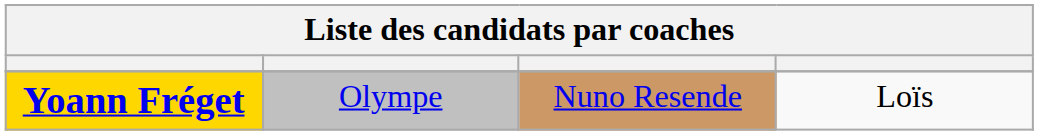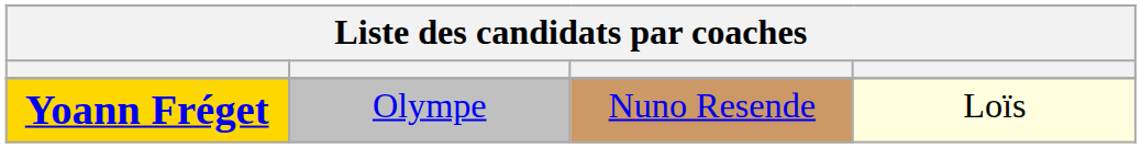 <table class="wikitable" style="margin:0.5em auto">
 <tr>
 <th colspan=4 style="width:95%;">Liste des candidats par coaches</th>
 </tr>
 <tr>
 <th style="width:23%;" scope="col"></th>
 <th style="width:23%;" scope="col"></th>
 <th style="width:23%;" scope="col"></th>
 <th style="width:23%;" scope="col"></th>
 </tr>
 <tr>
 </tr>
 <tr align="center" valign="top">
 <td style="text-align:center;background:gold"><strong><big><a href='#'>Yoann Fréget</a></big></strong> <br></td>
 <td style="text-align:center;background:silver"><a href='#'>Olympe</a><br> </td>
 <td style="text-align:center;background:#c96"><a href='#'>Nuno Resende</a><br> </td>
-<td style="text-align:center;">Loïs<br> </td>
+<td style="background: lightyellow; text-align:center;">Loïs<br> </td>
 </tr>
 </table>
